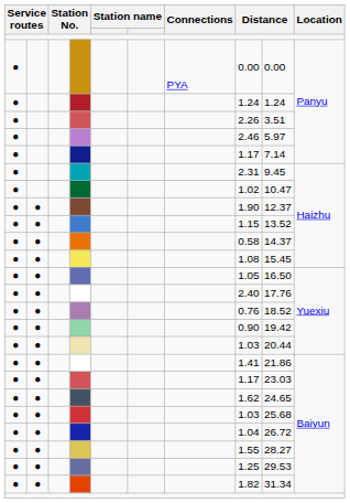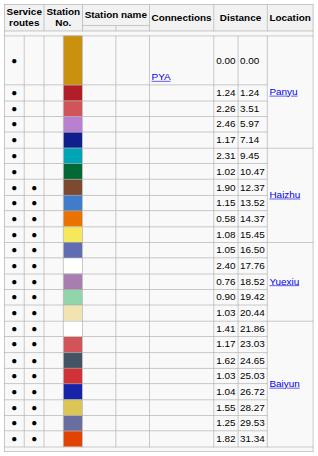 <table class="wikitable">
 <tr>
 <th rowspan="2" colspan = "2">Service<br>routes</th>
 <th rowspan="2" colspan="2">Station<br>No.</th>
 <th colspan="2">Station name</th>
 <th rowspan="2">Connections</th>
 <th colspan="2" rowspan="2">Distance<br></th>
 <th rowspan="2">Location</th>
 </tr>
 <tr>
 <th></th>
 <th></th>
 </tr>
 <tr style="background:#">
 <td colspan = "10"></td>
 </tr>
 <tr>
 <td align="center">●</td>
 <td align="center"></td>
 <td></td>
 <td style="background:#c9910d"></td>
 <td></td>
 <td></td>
 <td>   <br>  <br>  <br> <a href='#'>PYA</a>  </td>
 <td>0.00</td>
 <td>0.00</td>
 <td rowspan=5><a href='#'>Panyu</a></td>
 </tr>
 <tr>
 <td align="center">●</td>
 <td align="center"></td>
 <td></td>
 <td style="background:#b21e27"></td>
 <td></td>
 <td></td>
 <td> </td>
 <td>1.24</td>
 <td>1.24</td>
 </tr>
 <tr>
 <td align="center">●</td>
 <td align="center"></td>
 <td></td>
 <td style="background:#d15458"></td>
 <td></td>
 <td></td>
 <td></td>
 <td>2.26</td>
 <td>3.51</td>
 </tr>
 <tr>
 <td align="center">●</td>
 <td align="center"></td>
 <td></td>
 <td style="background:#ba80d0"></td>
 <td></td>
 <td></td>
 <td></td>
 <td>2.46</td>
 <td>5.97</td>
 </tr>
 <tr>
 <td align="center">●</td>
 <td align="center"></td>
 <td></td>
 <td style="background:#101e8e"></td>
 <td></td>
 <td></td>
 <td></td>
 <td>1.17</td>
 <td>7.14</td>
 </tr>
 <tr>
 <td align="center">●</td>
 <td align="center"></td>
 <td></td>
 <td style="background:#00a5b5"></td>
 <td></td>
 <td></td>
 <td> </td>
 <td>2.31</td>
 <td>9.45</td>
 <td rowspan=6><a href='#'>Haizhu</a></td>
 </tr>
 <tr>
 <td align="center">●</td>
 <td align="center"></td>
 <td></td>
 <td style="background:#016836"></td>
 <td></td>
 <td></td>
 <td> </td>
 <td>1.02</td>
 <td>10.47</td>
 </tr>
 <tr>
 <td align="center">●</td>
 <td align="center">●</td>
 <td></td>
 <td style="background:#7d4930"></td>
 <td></td>
 <td></td>
 <td> </td>
 <td>1.90</td>
 <td>12.37</td>
 </tr>
 <tr>
 <td align="center">●</td>
 <td align="center">●</td>
 <td></td>
 <td style="background:#407cc9"></td>
 <td></td>
 <td></td>
 <td> </td>
 <td>1.15</td>
 <td>13.52</td>
 </tr>
 <tr>
 <td align="center">●</td>
 <td align="center">●</td>
 <td></td>
 <td style="background:#e97200"></td>
 <td></td>
 <td></td>
 <td></td>
 <td>0.58</td>
 <td>14.37</td>
 </tr>
 <tr>
 <td align="center">●</td>
 <td align="center">●</td>
 <td></td>
 <td style="background:#f5e85b"></td>
 <td></td>
 <td></td>
 <td></td>
 <td>1.08</td>
 <td>15.45</td>
 </tr>
 <tr>
 <td align="center">●</td>
 <td align="center">●</td>
 <td></td>
 <td style="background:#606db2"></td>
 <td></td>
 <td></td>
 <td> </td>
 <td>1.05</td>
 <td>16.50</td>
 <td rowspan=5><a href='#'>Yuexiu</a></td>
 </tr>
 <tr>
 <td align="center">●</td>
 <td align="center">●</td>
 <td></td>
 <td style="background:#ffffff"></td>
 <td></td>
 <td></td>
 <td> </td>
 <td>2.40</td>
 <td>17.76</td>
 </tr>
 <tr>
 <td align="center">●</td>
 <td align="center">●</td>
 <td></td>
 <td style="background:#a87eb1"></td>
 <td></td>
 <td></td>
 <td> </td>
 <td>0.76</td>
 <td>18.52</td>
 </tr>
 <tr>
 <td align="center">●</td>
 <td align="center">●</td>
 <td></td>
 <td style="background:#91d5ab"></td>
 <td></td>
 <td></td>
 <td></td>
 <td>0.90</td>
 <td>19.42</td>
 </tr>
 <tr>
 <td align="center">●</td>
 <td align="center">●</td>
 <td></td>
 <td style="background:#f2e4b1"></td>
 <td></td>
 <td></td>
 <td>     <br> </td>
 <td>1.03</td>
 <td>20.44</td>
 </tr>
 <tr>
 <td align="center">●</td>
 <td align="center">●</td>
 <td></td>
 <td style="background:#ffffff"></td>
 <td></td>
 <td></td>
 <td></td>
 <td>1.41</td>
 <td>21.86</td>
 <td rowspan=8><a href='#'>Baiyun</a></td>
 </tr>
 <tr>
 <td align="center">●</td>
 <td align="center">●</td>
 <td></td>
 <td style="background:#d15458"></td>
 <td></td>
 <td></td>
 <td></td>
 <td>1.17</td>
 <td>23.03</td>
 </tr>
 <tr>
 <td align="center">●</td>
 <td align="center">●</td>
 <td></td>
 <td style="background:#425363"></td>
 <td></td>
 <td></td>
 <td></td>
 <td>1.62</td>
 <td>24.65</td>
 </tr>
 <tr>
 <td align="center">●</td>
 <td align="center">●</td>
 <td></td>
 <td style="background:#d03238"></td>
 <td></td>
 <td></td>
 <td> </td>
 <td>1.03</td>
-<td>25.68</td>
+<td>25.03</td>
 </tr>
 <tr>
 <td align="center">●</td>
 <td align="center">●</td>
 <td></td>
 <td style="background:#1724a9"></td>
 <td></td>
 <td></td>
 <td></td>
 <td>1.04</td>
 <td>26.72</td>
 </tr>
 <tr>
 <td align="center">●</td>
 <td align="center">●</td>
 <td></td>
 <td style="background:#dbc554"></td>
 <td></td>
 <td></td>
 <td></td>
 <td>1.55</td>
 <td>28.27</td>
 </tr>
 <tr>
 <td align="center">●</td>
 <td align="center">●</td>
 <td></td>
 <td style="background:#696d9f"></td>
 <td></td>
 <td></td>
 <td></td>
 <td>1.25</td>
 <td>29.53</td>
 </tr>
 <tr>
 <td align="center">●</td>
 <td align="center">●</td>
 <td></td>
 <td style="background:#e24301"></td>
 <td></td>
 <td></td>
 <td>   </td>
 <td>1.82</td>
 <td>31.34</td>
 </tr>
 <tr style="background:#">
 <td colspan = "10"></td>
 </tr>
 </table>
